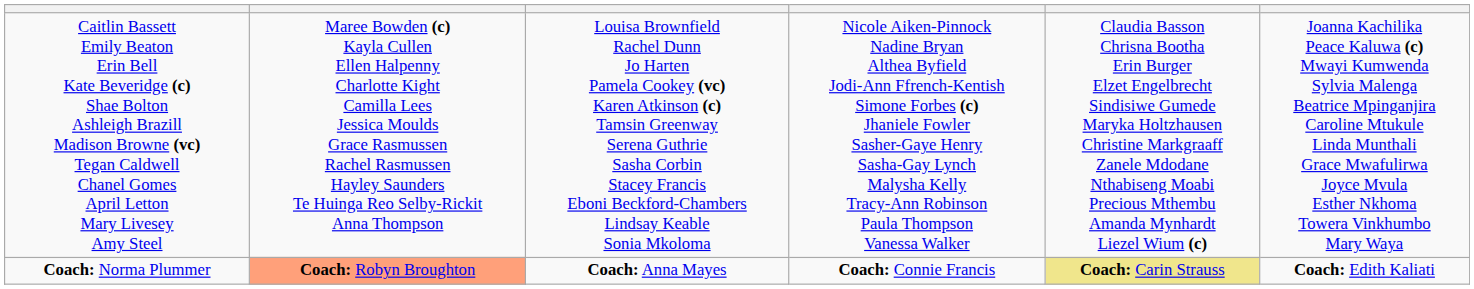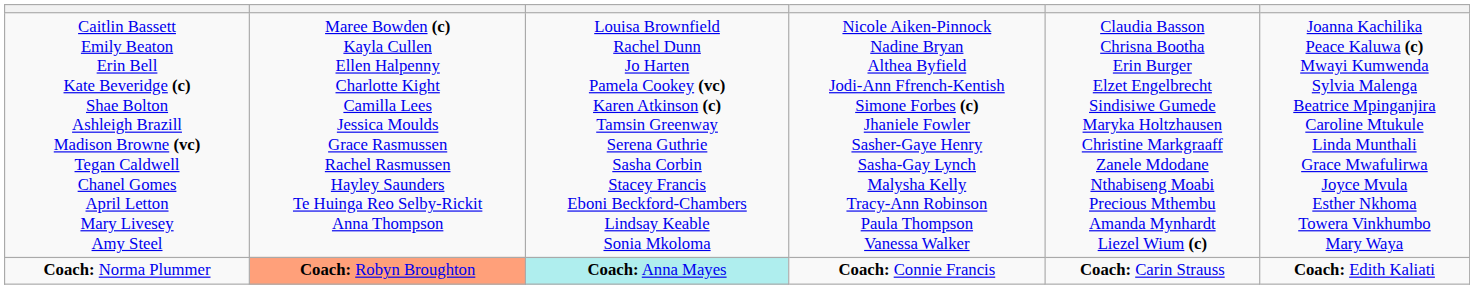 <table class=wikitable width=100% style="text-align:center; font-size:90%">
 <tr>
 <th></th>
 <th></th>
 <th></th>
 <th></th>
 <th></th>
 <th></th>
 </tr>
 <tr valign=top>
 <td> <a href='#'>Caitlin Bassett</a> <br><a href='#'>Emily Beaton</a> <br><a href='#'>Erin Bell</a> <br><a href='#'>Kate Beveridge</a> <strong>(c)</strong> <br><a href='#'>Shae Bolton</a> <br><a href='#'>Ashleigh Brazill</a> <br><a href='#'>Madison Browne</a> <strong>(vc)</strong> <br><a href='#'>Tegan Caldwell</a> <br><a href='#'>Chanel Gomes</a> <br><a href='#'>April Letton</a> <br><a href='#'>Mary Livesey</a> <br><a href='#'>Amy Steel</a></td>
 <td><a href='#'>Maree Bowden</a> <strong>(c)</strong> <br><a href='#'>Kayla Cullen</a> <br><a href='#'>Ellen Halpenny</a> <br><a href='#'>Charlotte Kight</a> <br><a href='#'>Camilla Lees</a> <br><a href='#'>Jessica Moulds</a> <br><a href='#'>Grace Rasmussen</a> <br><a href='#'>Rachel Rasmussen</a> <br><a href='#'>Hayley Saunders</a> <br><a href='#'>Te Huinga Reo Selby-Rickit</a> <br><a href='#'>Anna Thompson</a></td>
 <td><a href='#'>Louisa Brownfield</a> <br><a href='#'>Rachel Dunn</a> <br><a href='#'>Jo Harten</a> <br><a href='#'>Pamela Cookey</a> <strong>(vc)</strong> <br><a href='#'>Karen Atkinson</a> <strong>(c)</strong> <br><a href='#'>Tamsin Greenway</a> <br><a href='#'>Serena Guthrie</a> <br><a href='#'>Sasha Corbin</a> <br><a href='#'>Stacey Francis</a> <br><a href='#'>Eboni Beckford-Chambers</a> <br><a href='#'>Lindsay Keable</a> <br><a href='#'>Sonia Mkoloma</a></td>
 <td><a href='#'>Nicole Aiken-Pinnock</a> <br><a href='#'>Nadine Bryan</a> <br><a href='#'>Althea Byfield</a> <br><a href='#'>Jodi-Ann Ffrench-Kentish</a> <br><a href='#'>Simone Forbes</a> <strong>(c)</strong> <br><a href='#'>Jhaniele Fowler</a> <br><a href='#'>Sasher-Gaye Henry</a> <br><a href='#'>Sasha-Gay Lynch</a> <br><a href='#'>Malysha Kelly</a> <br><a href='#'>Tracy-Ann Robinson</a> <br><a href='#'>Paula Thompson</a> <br><a href='#'>Vanessa Walker</a></td>
 <td><a href='#'>Claudia Basson</a> <br> <a href='#'>Chrisna Bootha</a> <br><a href='#'>Erin Burger</a> <br><a href='#'>Elzet Engelbrecht</a> <br><a href='#'>Sindisiwe Gumede</a> <br><a href='#'>Maryka Holtzhausen</a> <br><a href='#'>Christine Markgraaff</a> <br><a href='#'>Zanele Mdodane</a> <br><a href='#'>Nthabiseng Moabi</a> <br><a href='#'>Precious Mthembu</a> <br><a href='#'>Amanda Mynhardt</a> <br><a href='#'>Liezel Wium</a> <strong>(c)</strong></td>
 <td><a href='#'>Joanna Kachilika</a> <br><a href='#'>Peace Kaluwa</a> <strong>(c)</strong><br><a href='#'>Mwayi Kumwenda</a> <br><a href='#'>Sylvia Malenga</a> <br><a href='#'>Beatrice Mpinganjira</a> <br><a href='#'>Caroline Mtukule</a> <br><a href='#'>Linda Munthali</a> <br><a href='#'>Grace Mwafulirwa</a> <br><a href='#'>Joyce Mvula</a> <br><a href='#'>Esther Nkhoma</a> <br><a href='#'>Towera Vinkhumbo</a> <br><a href='#'>Mary Waya</a></td>
 </tr>
 <tr>
 <td> <strong>Coach:</strong> <a href='#'>Norma Plummer</a></td>
 <td style="background: lightsalmon;"> <strong>Coach:</strong> <a href='#'>Robyn Broughton</a></td>
-<td> <strong>Coach:</strong> <a href='#'>Anna Mayes</a></td>
+<td style="background: paleturquoise;"> <strong>Coach:</strong> <a href='#'>Anna Mayes</a></td>
 <td> <strong>Coach:</strong> <a href='#'>Connie Francis</a></td>
-<td style="background: khaki;"> <strong>Coach:</strong> <a href='#'>Carin Strauss</a></td>
+<td> <strong>Coach:</strong> <a href='#'>Carin Strauss</a></td>
 <td> <strong>Coach:</strong> <a href='#'>Edith Kaliati</a></td>
 </tr>
 </table>
